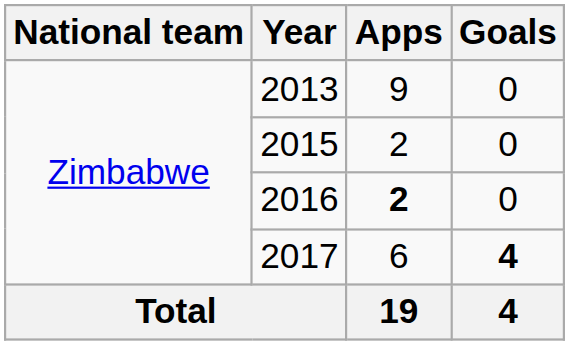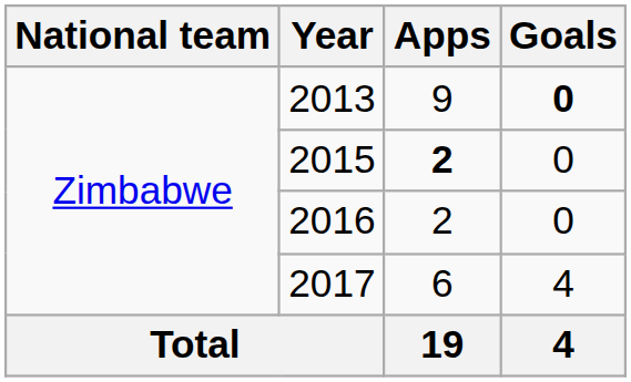 <table class="wikitable" style="text-align:center">
 <tr>
 <th>National team</th>
 <th>Year</th>
 <th>Apps</th>
 <th>Goals</th>
 </tr>
 <tr>
 <td rowspan="4"><a href='#'>Zimbabwe</a></td>
 <td>2013</td>
 <td>9</td>
-<td>0</td>
+<td><strong>0</strong></td>
 </tr>
 <tr>
 <td>2015</td>
-<td>2</td>
+<td><strong>2</strong></td>
 <td>0</td>
 </tr>
 <tr>
 <td>2016</td>
-<td><strong>2</strong></td>
+<td>2</td>
 <td>0</td>
 </tr>
 <tr>
 <td>2017</td>
 <td>6</td>
-<td><strong>4</strong></td>
+<td>4</td>
 </tr>
 <tr>
 <th colspan=2>Total</th>
 <th>19</th>
 <th>4</th>
 </tr>
 </table>
